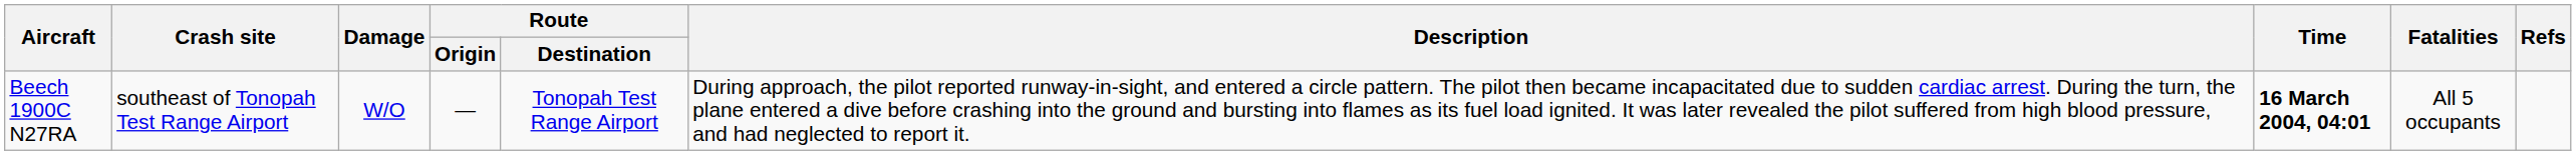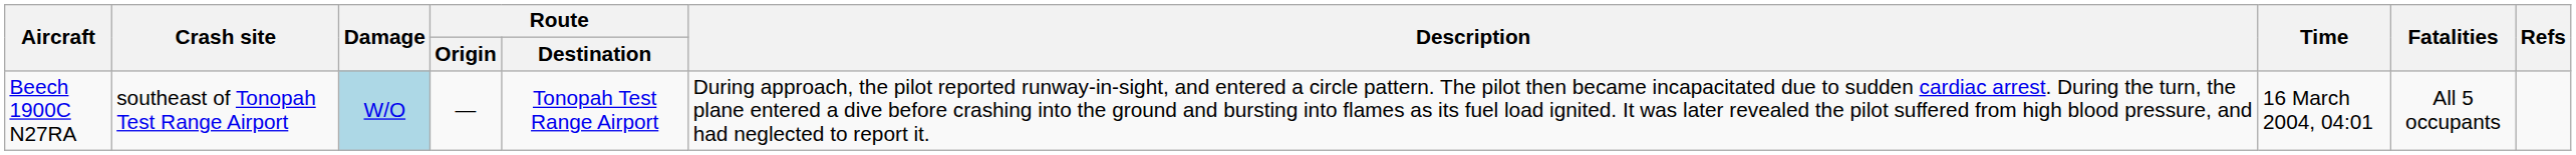 <table class = "wikitable">
 <tr>
 <th rowspan="2">Aircraft</th>
 <th rowspan="2">Crash site</th>
 <th rowspan="2">Damage</th>
 <th colspan="2">Route</th>
 <th rowspan="2">Description</th>
 <th rowspan="2">Time</th>
 <th rowspan="2">Fatalities</th>
 <th rowspan="2">Refs</th>
 </tr>
 <tr>
 <th>Origin</th>
 <th>Destination</th>
 </tr>
 <tr>
 <td><a href='#'>Beech 1900C</a> <br> N27RA</td>
 <td> southeast of <a href='#'>Tonopah Test Range Airport</a></td>
-<td align=center><a href='#'>W/O</a></td>
+<td align=center style="background: lightblue;"><a href='#'>W/O</a></td>
 <td align=center>—</td>
 <td align=center><a href='#'>Tonopah Test Range Airport</a></td>
 <td>During approach, the pilot reported runway-in-sight, and entered a circle pattern. The pilot then became incapacitated due to sudden <a href='#'>cardiac arrest</a>. During the turn, the plane entered a dive before crashing into the ground and bursting into flames as its fuel load ignited. It was later revealed the pilot suffered from high blood pressure, and had neglected to report it.</td>
-<td><strong>16 March 2004, 04:01</strong></td>
+<td>16 March 2004, 04:01</td>
 <td align=center>All 5 occupants</td>
 <td></td>
 </tr>
 </table>
